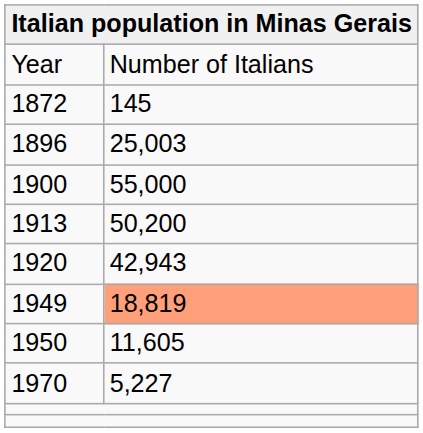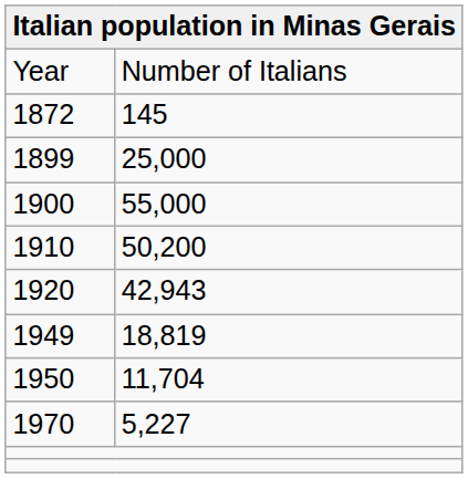 <table class="wikitable" style="margin-left: 1em" cellspacing="0" align="right">
 <tr>
 <th colspan="2" style="background:#f0f0f0;">Italian population in Minas Gerais</th>
 </tr>
 <tr>
 <td>Year</td>
 <td>Number of Italians</td>
 </tr>
 <tr>
 <td>1872</td>
 <td>145</td>
 </tr>
 <tr>
-<td>1896</td>
-<td>25,003</td>
+<td>1899</td>
+<td>25,000</td>
 </tr>
 <tr>
 <td>1900</td>
 <td>55,000</td>
 </tr>
 <tr>
-<td>1913</td>
+<td>1910</td>
 <td>50,200</td>
 </tr>
 <tr>
 <td>1920</td>
 <td>42,943</td>
 </tr>
 <tr>
 <td>1949</td>
-<td style="background: lightsalmon;">18,819</td>
+<td>18,819</td>
 </tr>
 <tr>
 <td>1950</td>
-<td>11,605</td>
+<td>11,704</td>
 </tr>
 <tr>
 <td>1970</td>
 <td>5,227</td>
 </tr>
 <tr>
 <td colspan="2"></td>
 </tr>
 <tr>
 <td colspan="2"></td>
 </tr>
 </table>
